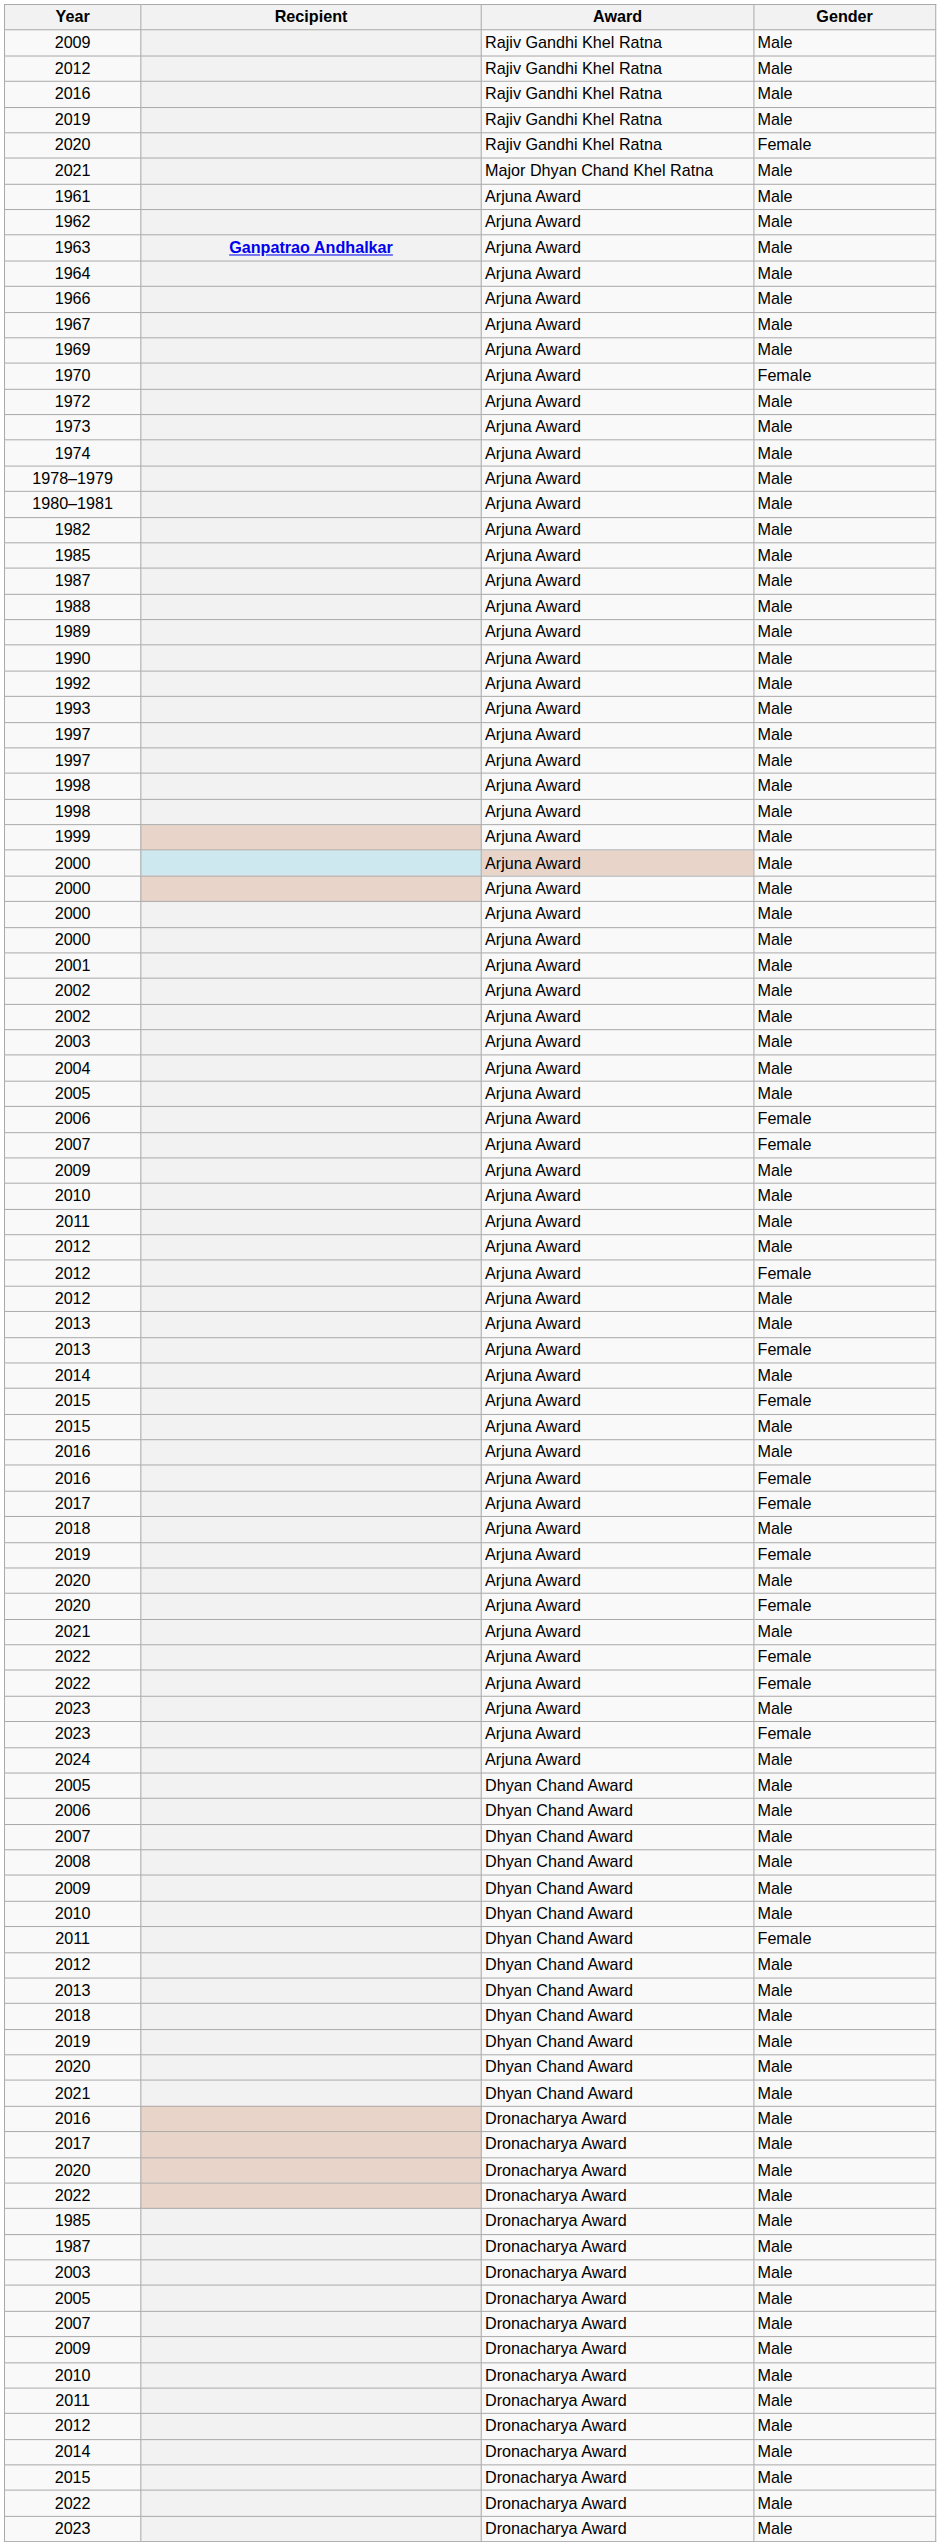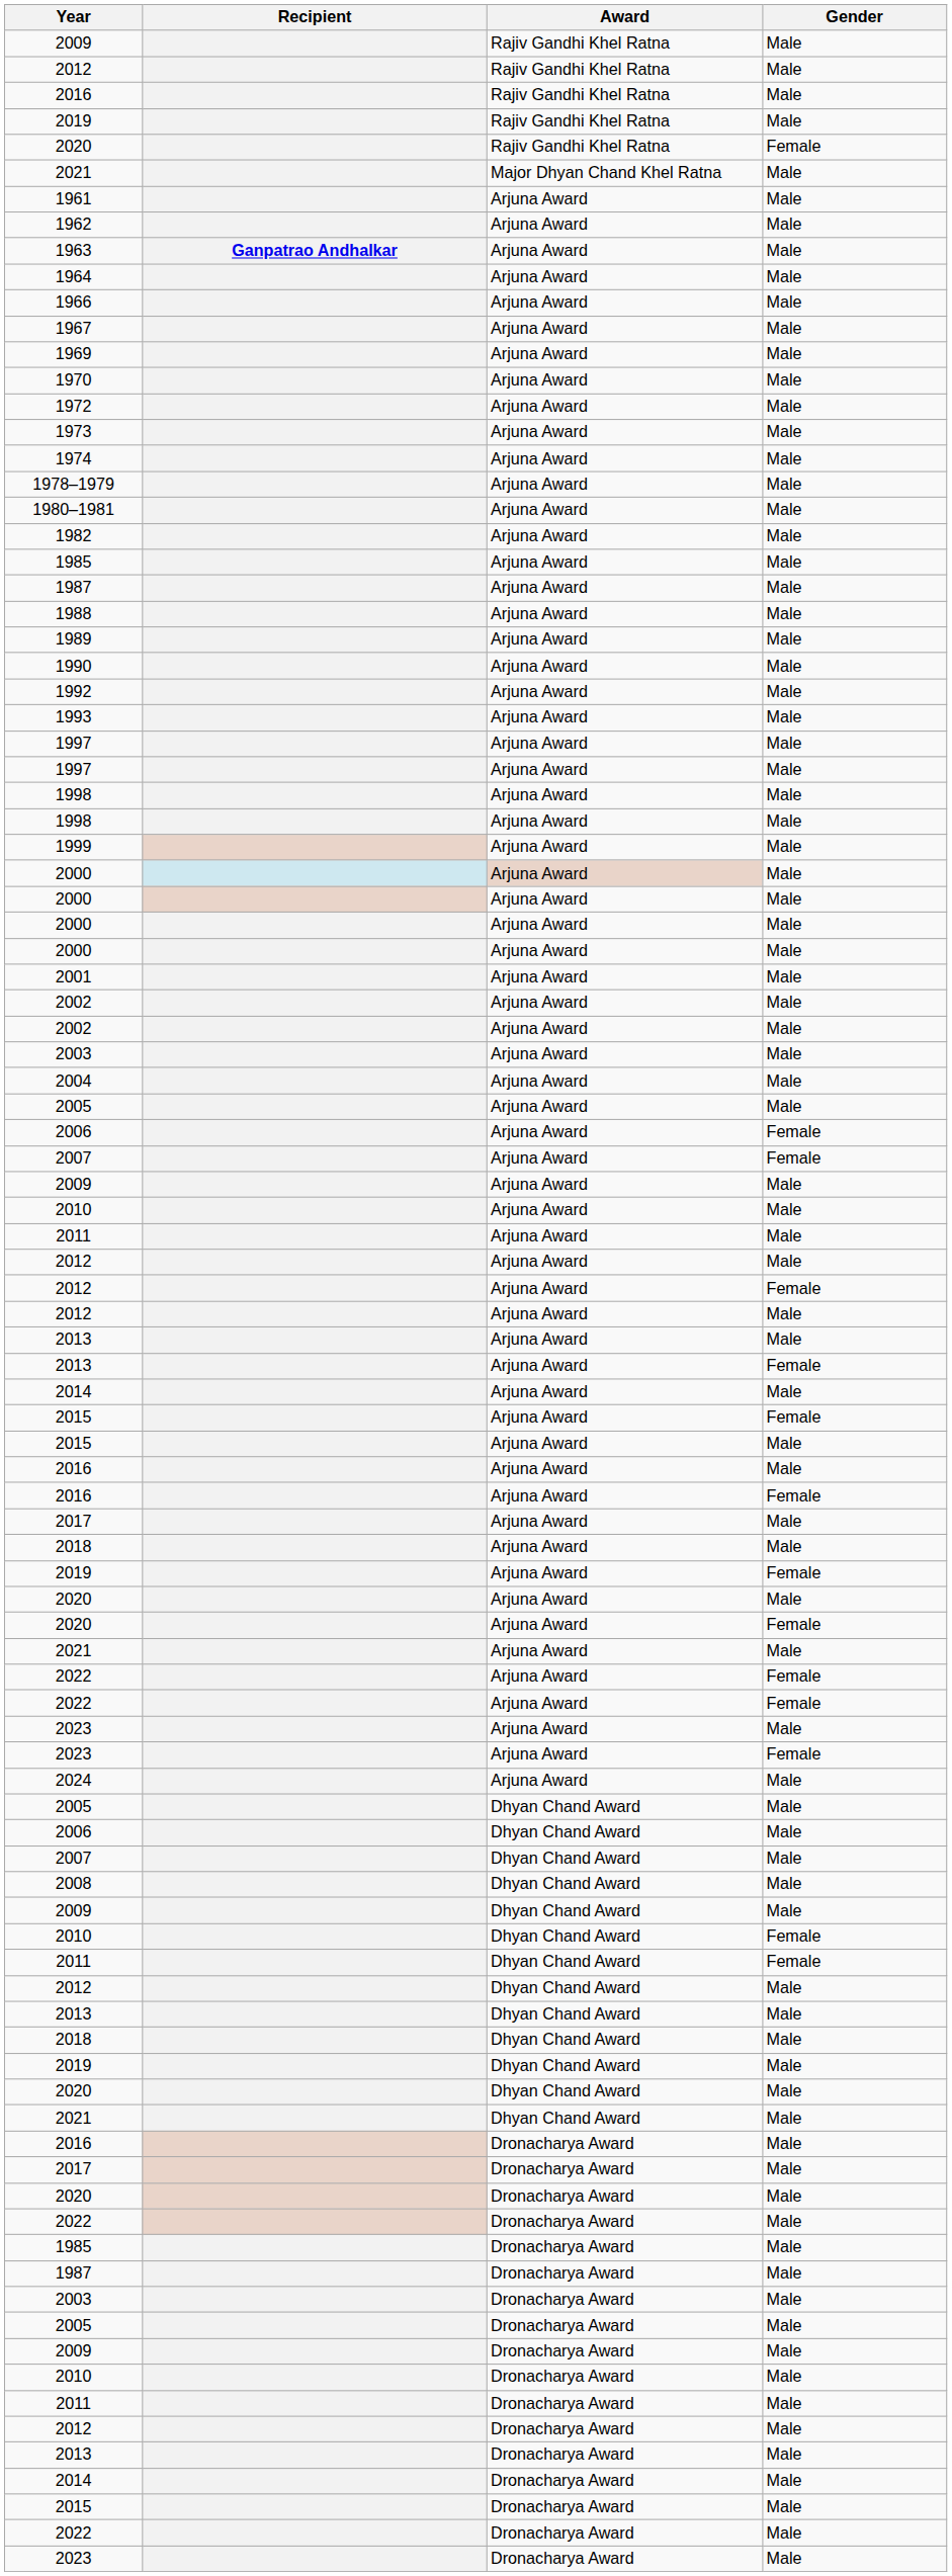 <table class="wikitable plainrowheaders sortable" style="width:73%">
 <tr>
 <th scope="col" style="width:12%">Year</th>
 <th scope="col" style="width:30%">Recipient</th>
 <th scope="col" style="width:24%">Award</th>
 <th scope="col" style="width:16%">Gender</th>
 </tr>
 <tr>
 <td style="text-align:center;">2009</td>
 <th scope="row"></th>
 <td>Rajiv Gandhi Khel Ratna</td>
 <td>Male</td>
 </tr>
 <tr>
 <td style="text-align:center;">2012</td>
 <th scope="row"></th>
 <td>Rajiv Gandhi Khel Ratna</td>
 <td>Male</td>
 </tr>
 <tr>
 <td style="text-align:center;">2016</td>
 <th scope="row"></th>
 <td>Rajiv Gandhi Khel Ratna</td>
 <td>Male</td>
 </tr>
 <tr>
 <td style="text-align:center;">2019</td>
 <th scope="row"></th>
 <td>Rajiv Gandhi Khel Ratna</td>
 <td>Male</td>
 </tr>
 <tr>
 <td style="text-align:center;">2020</td>
 <th scope="row"></th>
 <td>Rajiv Gandhi Khel Ratna</td>
 <td>Female</td>
 </tr>
 <tr>
 <td style="text-align:center;">2021</td>
 <th scope="row"></th>
 <td>Major Dhyan Chand Khel Ratna</td>
 <td>Male</td>
 </tr>
 <tr>
 <td style="text-align:center;">1961</td>
 <th scope="row"></th>
 <td>Arjuna Award</td>
 <td>Male</td>
 </tr>
 <tr>
 <td style="text-align:center;">1962</td>
 <th scope="row"></th>
 <td>Arjuna Award</td>
 <td>Male</td>
 </tr>
 <tr>
 <td style="text-align:center;">1963</td>
 <th scope="row"><a href='#'>Ganpatrao Andhalkar</a></th>
 <td>Arjuna Award</td>
 <td>Male</td>
 </tr>
 <tr>
 <td style="text-align:center;">1964</td>
 <th scope="row"></th>
 <td>Arjuna Award</td>
 <td>Male</td>
 </tr>
 <tr>
 <td style="text-align:center;">1966</td>
 <th scope="row"></th>
 <td>Arjuna Award</td>
 <td>Male</td>
 </tr>
 <tr>
 <td style="text-align:center;">1967</td>
 <th scope="row"></th>
 <td>Arjuna Award</td>
 <td>Male</td>
 </tr>
 <tr>
 <td style="text-align:center;">1969</td>
 <th scope="row"></th>
 <td>Arjuna Award</td>
 <td>Male</td>
 </tr>
 <tr>
 <td style="text-align:center;">1970</td>
 <th scope="row"></th>
 <td>Arjuna Award</td>
-<td>Female</td>
+<td>Male</td>
 </tr>
 <tr>
 <td style="text-align:center;">1972</td>
 <th scope="row"></th>
 <td>Arjuna Award</td>
 <td>Male</td>
 </tr>
 <tr>
 <td style="text-align:center;">1973</td>
 <th scope="row"></th>
 <td>Arjuna Award</td>
 <td>Male</td>
 </tr>
 <tr>
 <td style="text-align:center;">1974</td>
 <th scope="row"></th>
 <td>Arjuna Award</td>
 <td>Male</td>
 </tr>
 <tr>
 <td style="text-align:center;">1978–1979</td>
 <th scope="row"></th>
 <td>Arjuna Award</td>
 <td>Male</td>
 </tr>
 <tr>
 <td style="text-align:center;">1980–1981</td>
 <th scope="row"></th>
 <td>Arjuna Award</td>
 <td>Male</td>
 </tr>
 <tr>
 <td style="text-align:center;">1982</td>
 <th scope="row"></th>
 <td>Arjuna Award</td>
 <td>Male</td>
 </tr>
 <tr>
 <td style="text-align:center;">1985</td>
 <th scope="row"></th>
 <td>Arjuna Award</td>
 <td>Male</td>
 </tr>
 <tr>
 <td style="text-align:center;">1987</td>
 <th scope="row"></th>
 <td>Arjuna Award</td>
 <td>Male</td>
 </tr>
 <tr>
 <td style="text-align:center;">1988</td>
 <th scope="row"></th>
 <td>Arjuna Award</td>
 <td>Male</td>
 </tr>
 <tr>
 <td style="text-align:center;">1989</td>
 <th scope="row"></th>
 <td>Arjuna Award</td>
 <td>Male</td>
 </tr>
 <tr>
 <td style="text-align:center;">1990</td>
 <th scope="row"></th>
 <td>Arjuna Award</td>
 <td>Male</td>
 </tr>
 <tr>
 <td style="text-align:center;">1992</td>
 <th scope="row"></th>
 <td>Arjuna Award</td>
 <td>Male</td>
 </tr>
 <tr>
 <td style="text-align:center;">1993</td>
 <th scope="row"></th>
 <td>Arjuna Award</td>
 <td>Male</td>
 </tr>
 <tr>
 <td style="text-align:center;">1997</td>
 <th scope="row"></th>
 <td>Arjuna Award</td>
 <td>Male</td>
 </tr>
 <tr>
 <td style="text-align:center;">1997</td>
 <th scope="row"></th>
 <td>Arjuna Award</td>
 <td>Male</td>
 </tr>
 <tr>
 <td style="text-align:center;">1998</td>
 <th scope="row"></th>
 <td>Arjuna Award</td>
 <td>Male</td>
 </tr>
 <tr>
 <td style="text-align:center;">1998</td>
 <th scope="row"></th>
 <td>Arjuna Award</td>
 <td>Male</td>
 </tr>
 <tr>
 <td style="text-align:center;">1999</td>
 <th scope="row" style="background-color:#E9D4C9"> </th>
 <td>Arjuna Award</td>
 <td>Male</td>
 </tr>
 <tr>
 <td style="text-align:center;">2000</td>
 <th scope="row" style="background-color:#CEE8F0;"> </th>
 <td style="background-color:#E9D4C9;">Arjuna Award </td>
 <td>Male</td>
 </tr>
 <tr>
 <td style="text-align:center;">2000</td>
 <th scope="row" style="background-color:#E9D4C9"> </th>
 <td>Arjuna Award</td>
 <td>Male</td>
 </tr>
 <tr>
 <td style="text-align:center;">2000</td>
 <th scope="row"></th>
 <td>Arjuna Award</td>
 <td>Male</td>
 </tr>
 <tr>
 <td style="text-align:center;">2000</td>
 <th scope="row"></th>
 <td>Arjuna Award</td>
 <td>Male</td>
 </tr>
 <tr>
 <td style="text-align:center;">2001</td>
 <th scope="row"></th>
 <td>Arjuna Award</td>
 <td>Male</td>
 </tr>
 <tr>
 <td style="text-align:center;">2002</td>
 <th scope="row"></th>
 <td>Arjuna Award</td>
 <td>Male</td>
 </tr>
 <tr>
 <td style="text-align:center;">2002</td>
 <th scope="row"></th>
 <td>Arjuna Award</td>
 <td>Male</td>
 </tr>
 <tr>
 <td style="text-align:center;">2003</td>
 <th scope="row"></th>
 <td>Arjuna Award</td>
 <td>Male</td>
 </tr>
 <tr>
 <td style="text-align:center;">2004</td>
 <th scope="row"></th>
 <td>Arjuna Award</td>
 <td>Male</td>
 </tr>
 <tr>
 <td style="text-align:center;">2005</td>
 <th scope="row"></th>
 <td>Arjuna Award</td>
 <td>Male</td>
 </tr>
 <tr>
 <td style="text-align:center;">2006</td>
 <th scope="row"></th>
 <td>Arjuna Award</td>
 <td>Female</td>
 </tr>
 <tr>
 <td style="text-align:center;">2007</td>
 <th scope="row"></th>
 <td>Arjuna Award</td>
 <td>Female</td>
 </tr>
 <tr>
 <td style="text-align:center;">2009</td>
 <th scope="row"></th>
 <td>Arjuna Award</td>
 <td>Male</td>
 </tr>
 <tr>
 <td style="text-align:center;">2010</td>
 <th scope="row"></th>
 <td>Arjuna Award</td>
 <td>Male</td>
 </tr>
 <tr>
 <td style="text-align:center;">2011</td>
 <th scope="row"></th>
 <td>Arjuna Award</td>
 <td>Male</td>
 </tr>
 <tr>
 <td style="text-align:center;">2012</td>
 <th scope="row"></th>
 <td>Arjuna Award</td>
 <td>Male</td>
 </tr>
 <tr>
 <td style="text-align:center;">2012</td>
 <th scope="row"></th>
 <td>Arjuna Award</td>
 <td>Female</td>
 </tr>
 <tr>
 <td style="text-align:center;">2012</td>
 <th scope="row"></th>
 <td>Arjuna Award</td>
 <td>Male</td>
 </tr>
 <tr>
 <td style="text-align:center;">2013</td>
 <th scope="row"></th>
 <td>Arjuna Award</td>
 <td>Male</td>
 </tr>
 <tr>
 <td style="text-align:center;">2013</td>
 <th scope="row"></th>
 <td>Arjuna Award</td>
 <td>Female</td>
 </tr>
 <tr>
 <td style="text-align:center;">2014</td>
 <th scope="row"></th>
 <td>Arjuna Award</td>
 <td>Male</td>
 </tr>
 <tr>
 <td style="text-align:center;">2015</td>
 <th scope="row"></th>
 <td>Arjuna Award</td>
 <td>Female</td>
 </tr>
 <tr>
 <td style="text-align:center;">2015</td>
 <th scope="row"></th>
 <td>Arjuna Award</td>
 <td>Male</td>
 </tr>
 <tr>
 <td style="text-align:center;">2016</td>
 <th scope="row"></th>
 <td>Arjuna Award</td>
 <td>Male</td>
 </tr>
 <tr>
 <td style="text-align:center;">2016</td>
 <th scope="row"></th>
 <td>Arjuna Award</td>
 <td>Female</td>
 </tr>
 <tr>
 <td style="text-align:center;">2017</td>
 <th scope="row"></th>
 <td>Arjuna Award</td>
-<td>Female</td>
+<td>Male</td>
 </tr>
 <tr>
 <td style="text-align:center;">2018</td>
 <th scope="row"></th>
 <td>Arjuna Award</td>
 <td>Male</td>
 </tr>
 <tr>
 <td style="text-align:center;">2019</td>
 <th scope="row"></th>
 <td>Arjuna Award</td>
 <td>Female</td>
 </tr>
 <tr>
 <td style="text-align:center;">2020</td>
 <th scope="row"></th>
 <td>Arjuna Award</td>
 <td>Male</td>
 </tr>
 <tr>
 <td style="text-align:center;">2020</td>
 <th scope="row"></th>
 <td>Arjuna Award</td>
 <td>Female</td>
 </tr>
 <tr>
 <td style="text-align:center;">2021</td>
 <th scope="row"></th>
 <td>Arjuna Award</td>
 <td>Male</td>
 </tr>
 <tr>
 <td style="text-align:center;">2022</td>
 <th scope="row"></th>
 <td>Arjuna Award</td>
 <td>Female</td>
 </tr>
 <tr>
 <td style="text-align:center;">2022</td>
 <th scope="row"></th>
 <td>Arjuna Award</td>
 <td>Female</td>
 </tr>
 <tr>
 <td style="text-align:center;">2023</td>
 <th scope="row"></th>
 <td>Arjuna Award</td>
 <td>Male</td>
 </tr>
 <tr>
 <td style="text-align:center;">2023</td>
 <th scope="row"></th>
 <td>Arjuna Award</td>
 <td>Female</td>
 </tr>
 <tr>
 <td style="text-align:center;">2024</td>
 <th scope="row"></th>
 <td>Arjuna Award</td>
 <td>Male</td>
 </tr>
 <tr>
 <td style="text-align:center;">2005</td>
 <th scope="row"></th>
 <td>Dhyan Chand Award</td>
 <td>Male</td>
 </tr>
 <tr>
 <td style="text-align:center;">2006</td>
 <th scope="row"></th>
 <td>Dhyan Chand Award</td>
 <td>Male</td>
 </tr>
 <tr>
 <td style="text-align:center;">2007</td>
 <th scope="row"></th>
 <td>Dhyan Chand Award</td>
 <td>Male</td>
 </tr>
 <tr>
 <td style="text-align:center;">2008</td>
 <th scope="row"></th>
 <td>Dhyan Chand Award</td>
 <td>Male</td>
 </tr>
 <tr>
 <td style="text-align:center;">2009</td>
 <th scope="row"></th>
 <td>Dhyan Chand Award</td>
 <td>Male</td>
 </tr>
 <tr>
 <td style="text-align:center;">2010</td>
 <th scope="row"></th>
 <td>Dhyan Chand Award</td>
-<td>Male</td>
+<td>Female</td>
 </tr>
 <tr>
 <td style="text-align:center;">2011</td>
 <th scope="row"></th>
 <td>Dhyan Chand Award</td>
 <td>Female</td>
 </tr>
 <tr>
 <td style="text-align:center;">2012</td>
 <th scope="row"></th>
 <td>Dhyan Chand Award</td>
 <td>Male</td>
 </tr>
 <tr>
 <td style="text-align:center;">2013</td>
 <th scope="row"></th>
 <td>Dhyan Chand Award</td>
 <td>Male</td>
 </tr>
 <tr>
 <td style="text-align:center;">2018</td>
 <th scope="row"></th>
 <td>Dhyan Chand Award</td>
 <td>Male</td>
 </tr>
 <tr>
 <td style="text-align:center;">2019</td>
 <th scope="row"></th>
 <td>Dhyan Chand Award</td>
 <td>Male</td>
 </tr>
 <tr>
 <td style="text-align:center;">2020</td>
 <th scope="row"></th>
 <td>Dhyan Chand Award</td>
 <td>Male</td>
 </tr>
 <tr>
 <td style="text-align:center;">2021</td>
 <th scope="row"></th>
 <td>Dhyan Chand Award</td>
 <td>Male</td>
 </tr>
 <tr>
 <td style="text-align:center;">2016</td>
 <th scope="row" style="background-color:#E9D4C9"> </th>
 <td>Dronacharya Award</td>
 <td>Male</td>
 </tr>
 <tr>
 <td style="text-align:center;">2017</td>
 <th scope="row" style="background-color:#E9D4C9"> </th>
 <td>Dronacharya Award</td>
 <td>Male</td>
 </tr>
 <tr>
 <td style="text-align:center;">2020</td>
 <th scope="row" style="background-color:#E9D4C9"> </th>
 <td>Dronacharya Award</td>
 <td>Male</td>
 </tr>
 <tr>
 <td style="text-align:center;">2022</td>
 <th scope="row" style="background-color:#E9D4C9"> </th>
 <td>Dronacharya Award</td>
 <td>Male</td>
 </tr>
 <tr>
 <td style="text-align:center;">1985</td>
 <th scope="row"></th>
 <td>Dronacharya Award</td>
 <td>Male</td>
 </tr>
 <tr>
 <td style="text-align:center;">1987</td>
 <th scope="row"></th>
 <td>Dronacharya Award</td>
 <td>Male</td>
 </tr>
 <tr>
 <td style="text-align:center;">2003</td>
 <th scope="row"></th>
 <td>Dronacharya Award</td>
 <td>Male</td>
 </tr>
 <tr>
 <td style="text-align:center;">2005</td>
 <th scope="row"></th>
 <td>Dronacharya Award</td>
 <td>Male</td>
 </tr>
 <tr>
-<td style="text-align:center;">2007</td>
-<th scope="row"></th>
-<td>Dronacharya Award</td>
-<td>Male</td>
-</tr>
-<tr>
 <td style="text-align:center;">2009</td>
 <th scope="row"></th>
 <td>Dronacharya Award</td>
 <td>Male</td>
 </tr>
 <tr>
 <td style="text-align:center;">2010</td>
 <th scope="row"></th>
 <td>Dronacharya Award</td>
 <td>Male</td>
 </tr>
 <tr>
 <td style="text-align:center;">2011</td>
 <th scope="row"></th>
 <td>Dronacharya Award</td>
 <td>Male</td>
 </tr>
 <tr>
 <td style="text-align:center;">2012</td>
+<th scope="row"></th>
+<td>Dronacharya Award</td>
+<td>Male</td>
+</tr>
+<tr>
+<td style="text-align:center;">2013</td>
 <th scope="row"></th>
 <td>Dronacharya Award</td>
 <td>Male</td>
 </tr>
 <tr>
 <td style="text-align:center;">2014</td>
 <th scope="row"></th>
 <td>Dronacharya Award</td>
 <td>Male</td>
 </tr>
 <tr>
 <td style="text-align:center;">2015</td>
 <th scope="row"></th>
 <td>Dronacharya Award</td>
 <td>Male</td>
 </tr>
 <tr>
 <td style="text-align:center;">2022</td>
 <th scope="row"></th>
 <td>Dronacharya Award</td>
 <td>Male</td>
 </tr>
 <tr>
 <td style="text-align:center;">2023</td>
 <th scope="row"></th>
 <td>Dronacharya Award</td>
 <td>Male</td>
 </tr>
 </table>
